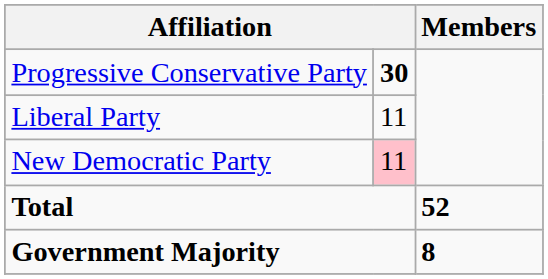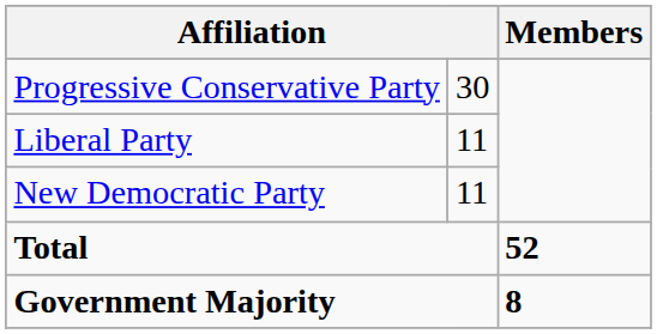 <table class="wikitable">
 <tr>
 <th colspan="2">Affiliation</th>
 <th>Members</th>
 </tr>
 <tr>
 <td align=left><a href='#'>Progressive Conservative Party</a></td>
-<td><strong>30</strong></td>
+<td>30</td>
 </tr>
 <tr>
 <td align=left><a href='#'>Liberal Party</a></td>
 <td>11</td>
 </tr>
 <tr>
 <td align=left><a href='#'>New Democratic Party</a></td>
-<td style="background: pink;">11</td>
+<td>11</td>
 </tr>
 <tr>
 <td colspan="2" align=left><strong>Total</strong><br></td>
 <td><strong>52</strong></td>
 </tr>
 <tr>
 <td colspan="2" align=left><strong>Government Majority</strong><br></td>
 <td><strong>8</strong></td>
 </tr>
 </table>
